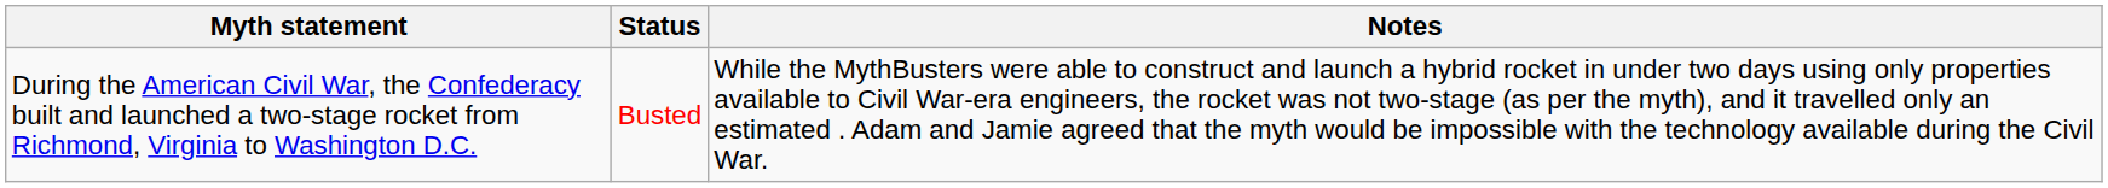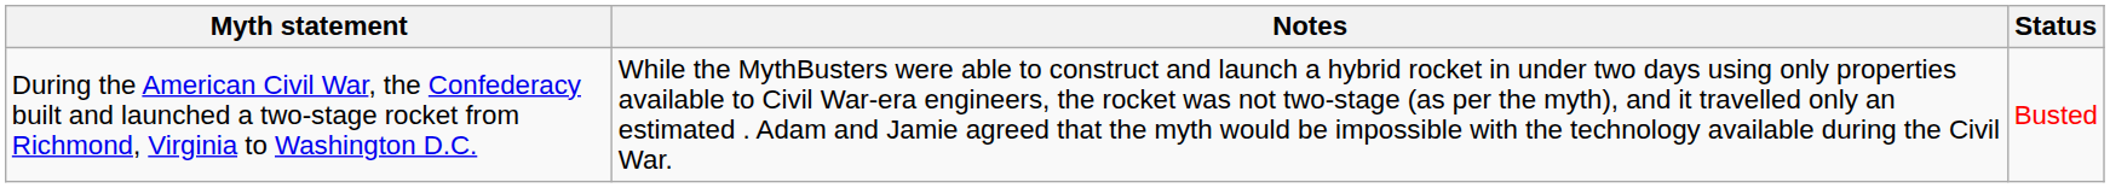 <table class="wikitable plainrowheaders">
 <tr>
 <th>Myth statement</th>
+<th>Notes</th>
 <th>Status</th>
-<th>Notes</th>
 </tr>
 <tr>
 <td>During the <a href='#'>American Civil War</a>, the <a href='#'>Confederacy</a> built and launched a two-stage rocket  from <a href='#'>Richmond</a>, <a href='#'>Virginia</a> to <a href='#'>Washington D.C.</a></td>
+<td>While the MythBusters were able to construct and launch a hybrid rocket in under two days using only properties available to Civil War-era engineers, the rocket was not two-stage (as per the myth), and it travelled only an estimated . Adam and Jamie agreed that the myth would be impossible with the technology available during the Civil War.</td>
 <td style="color:red">Busted</td>
-<td>While the MythBusters were able to construct and launch a hybrid rocket in under two days using only properties available to Civil War-era engineers, the rocket was not two-stage (as per the myth), and it travelled only an estimated . Adam and Jamie agreed that the myth would be impossible with the technology available during the Civil War.</td>
 </tr>
 </table>
